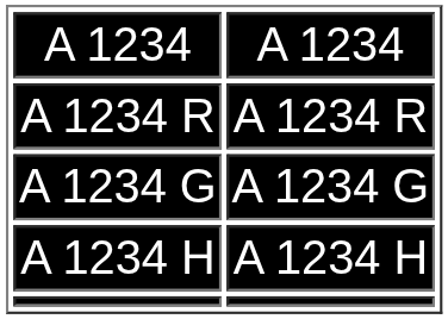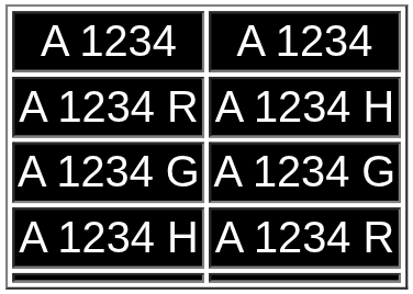 <table border="1" style="margin:1em auto;">
 <tr size="40"  style="text-align:center; color:white; font-size:14pt; background:black;">
 <td>A 1234</td>
 <td>A 1234</td>
 </tr>
 <tr style="text-align:center; color:white; font-size:14pt; background:black;">
 <td>A 1234 R</td>
-<td>A 1234 R</td>
+<td>A 1234 H</td>
 </tr>
 <tr style="text-align:center; color:white; font-size:14pt; background:black;">
 <td>A 1234 G</td>
 <td>A 1234 G</td>
 </tr>
 <tr style="text-align:center; color:white; font-size:14pt; background:black;">
 <td>A 1234 H</td>
-<td>A 1234 H</td>
+<td>A 1234 R</td>
 </tr>
 <tr>
 <td style="text-align:center; background:black; font-size:14pt; color:white;"></td>
 <td style="text-align:center; background:black; font-size:14pt; color:white;"></td>
 </tr>
 </table>
